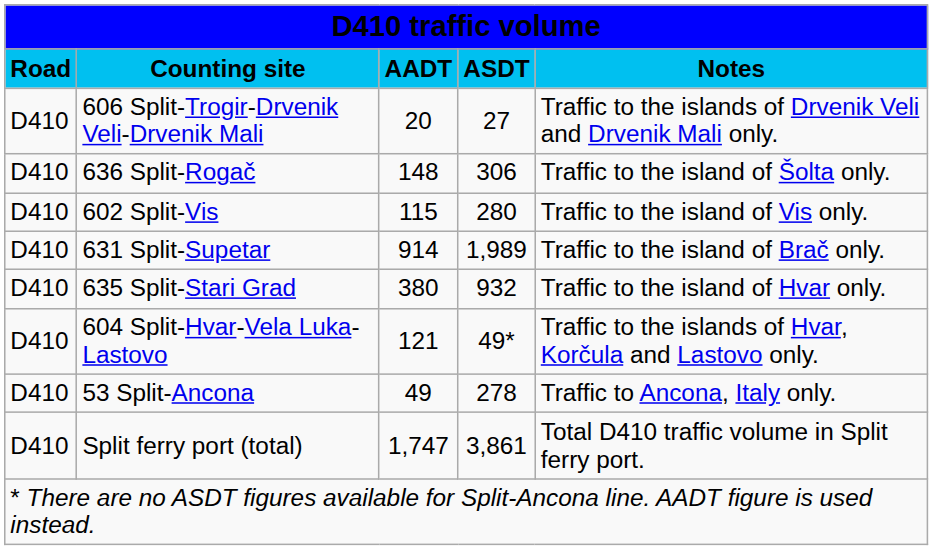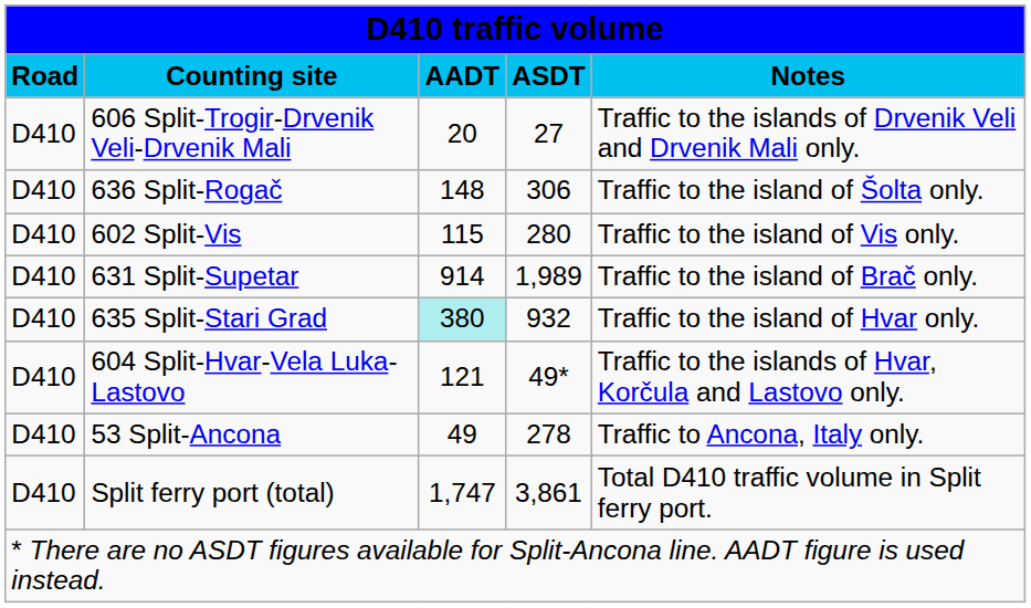 <table class="wikitable">
 <tr>
 <td colspan=5 bgcolor=blue align=center style=margin-top:15><span><big><strong>D410 traffic volume</strong></big></span></td>
 </tr>
 <tr>
 <td align=center bgcolor=00c0f0><strong>Road</strong></td>
 <td align=center bgcolor=00c0f0><strong>Counting site</strong></td>
 <td align=center bgcolor=00c0f0><strong>AADT</strong></td>
 <td align=center bgcolor=00c0f0><strong>ASDT</strong></td>
 <td align=center bgcolor=00c0f0><strong>Notes</strong></td>
 </tr>
 <tr>
 <td> D410</td>
 <td>606 Split-<a href='#'>Trogir</a>-<a href='#'>Drvenik Veli</a>-<a href='#'>Drvenik Mali</a></td>
 <td align=center>20</td>
 <td align=center>27</td>
 <td>Traffic to the islands of <a href='#'>Drvenik Veli</a> and <a href='#'>Drvenik Mali</a> only.</td>
 </tr>
 <tr>
 <td> D410</td>
 <td>636 Split-<a href='#'>Rogač</a></td>
 <td align=center>148</td>
 <td align=center>306</td>
 <td>Traffic to the island of <a href='#'>Šolta</a> only.</td>
 </tr>
 <tr>
 <td> D410</td>
 <td>602 Split-<a href='#'>Vis</a></td>
 <td align=center>115</td>
 <td align=center>280</td>
 <td>Traffic to the island of <a href='#'>Vis</a> only.</td>
 </tr>
 <tr>
 <td> D410</td>
 <td>631 Split-<a href='#'>Supetar</a></td>
 <td align=center>914</td>
 <td align=center>1,989</td>
 <td>Traffic to the island of <a href='#'>Brač</a> only.</td>
 </tr>
 <tr>
 <td> D410</td>
 <td>635 Split-<a href='#'>Stari Grad</a></td>
-<td align=center>380</td>
+<td align=center style="background: paleturquoise;">380</td>
 <td align=center>932</td>
 <td>Traffic to the island of <a href='#'>Hvar</a> only.</td>
 </tr>
 <tr>
 <td> D410</td>
 <td>604 Split-<a href='#'>Hvar</a>-<a href='#'>Vela Luka</a>-<a href='#'>Lastovo</a></td>
 <td align=center>121</td>
 <td align=center>49*</td>
 <td>Traffic to the islands of <a href='#'>Hvar</a>, <a href='#'>Korčula</a> and <a href='#'>Lastovo</a> only.</td>
 </tr>
 <tr>
 <td> D410</td>
 <td>53 Split-<a href='#'>Ancona</a></td>
 <td align=center>49</td>
 <td align=center>278</td>
 <td>Traffic to <a href='#'>Ancona</a>, <a href='#'>Italy</a> only.</td>
 </tr>
 <tr>
 <td> D410</td>
 <td>Split ferry port (total)</td>
 <td align=center>1,747</td>
 <td align=center>3,861</td>
 <td>Total D410 traffic volume in Split ferry port.</td>
 </tr>
 <tr>
 <td colspan=5>* <em>There are no ASDT figures available for Split-Ancona line. AADT figure is used instead.</em></td>
 </tr>
 </table>
